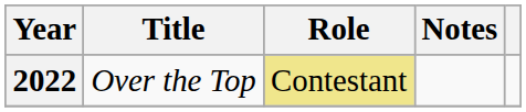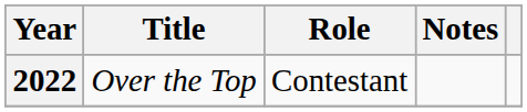 <table class="wikitable  plainrowheaders">
 <tr>
 <th scope="col">Year</th>
 <th scope="col">Title</th>
 <th scope="col">Role</th>
 <th scope="col">Notes</th>
 <th scope="col" class="unsortable"></th>
 </tr>
 <tr>
 <th scope="row">2022</th>
 <td><em>Over the Top</em></td>
-<td style="background: khaki;">Contestant</td>
+<td>Contestant</td>
 <td></td>
 <td></td>
 </tr>
 <tr>
 </tr>
 </table>
